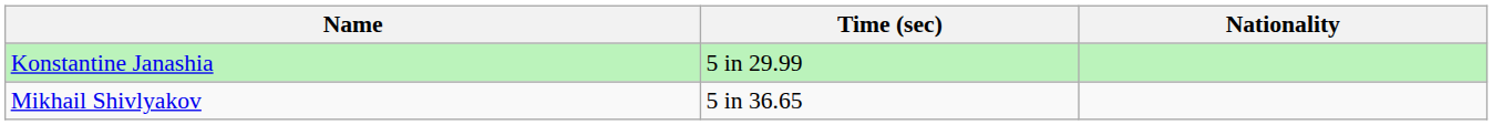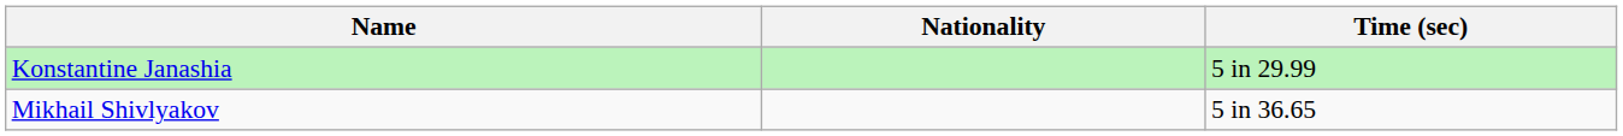 <table class="wikitable" style="display: inline-table;width: 50%;">
 <tr>
 <th>Name</th>
+<th>Nationality</th>
 <th>Time (sec)</th>
-<th>Nationality</th>
 </tr>
 <tr bgcolor=bbf3bb>
 <td><a href='#'>Konstantine Janashia</a></td>
+<td></td>
 <td>5 in 29.99</td>
-<td></td>
 </tr>
 <tr>
 <td><a href='#'>Mikhail Shivlyakov</a></td>
+<td></td>
 <td>5 in 36.65</td>
-<td></td>
 </tr>
 </table>
